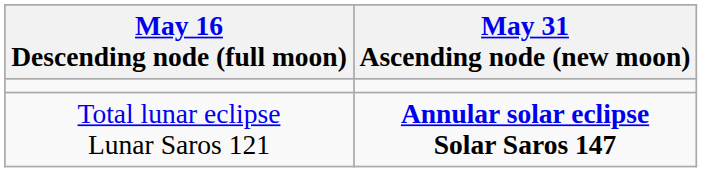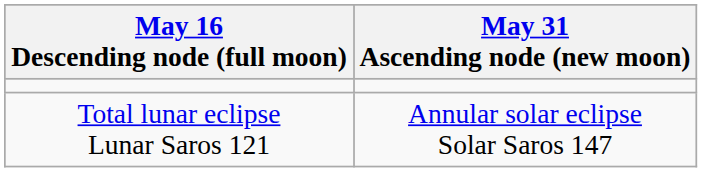 <table class="wikitable">
 <tr>
 <th><a href='#'>May 16</a><br>Descending node (full moon)<br></th>
 <th><a href='#'>May 31</a><br>Ascending node (new moon)<br></th>
 </tr>
 <tr>
 <td></td>
 <td></td>
 </tr>
 <tr align=center>
 <td><a href='#'>Total lunar eclipse</a><br>Lunar Saros 121</td>
-<td><strong><a href='#'>Annular solar eclipse</a><br>Solar Saros 147</strong></td>
+<td><a href='#'>Annular solar eclipse</a><br>Solar Saros 147</td>
 </tr>
 </table>
